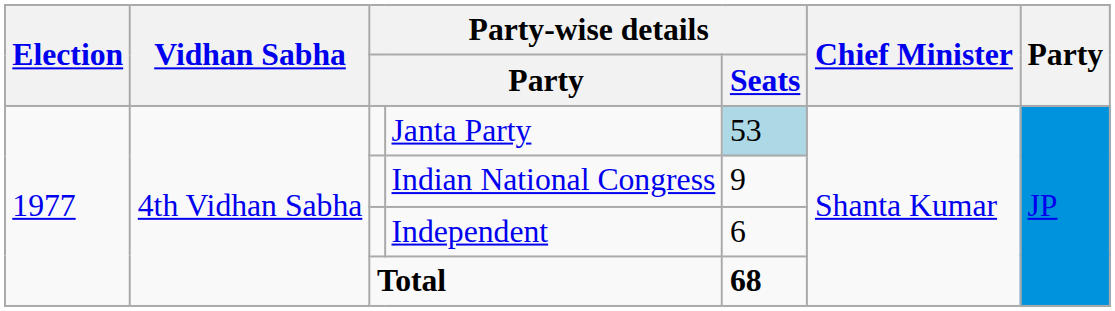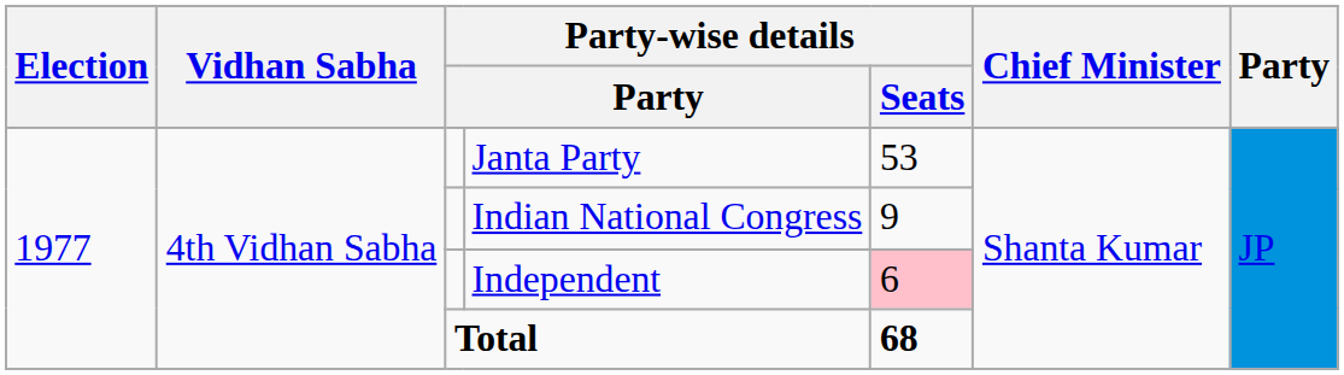 <table class="wikitable sortable">
 <tr>
 <th rowspan="2"><a href='#'>Election</a></th>
 <th rowspan="2"><a href='#'>Vidhan Sabha</a></th>
 <th colspan="3">Party-wise details</th>
 <th rowspan="2"><a href='#'>Chief Minister</a></th>
 <th rowspan="2">Party</th>
 </tr>
 <tr>
 <th colspan="2">Party</th>
 <th><a href='#'>Seats</a></th>
 </tr>
 <tr>
 <td rowspan="5"><a href='#'>1977</a></td>
 <td rowspan="5"><a href='#'>4th Vidhan Sabha</a></td>
 <td style="background-color: "></td>
 <td><a href='#'>Janta Party</a></td>
-<td style="background: lightblue;">53</td>
+<td>53</td>
 <td rowspan="5"><a href='#'>Shanta Kumar</a></td>
 <td rowspan="5" bgcolor=#0093DD><a href='#'>JP</a></td>
 </tr>
 <tr>
 <td style="background-color: "></td>
 <td><a href='#'>Indian National Congress</a></td>
 <td>9</td>
 </tr>
 <tr>
 <td style="background-color: "></td>
 <td><a href='#'>Independent</a></td>
-<td>6</td>
+<td style="background: pink;">6</td>
 </tr>
 <tr>
 <td colspan="2"><strong>Total</strong></td>
 <td><strong>68</strong></td>
 </tr>
 </table>
